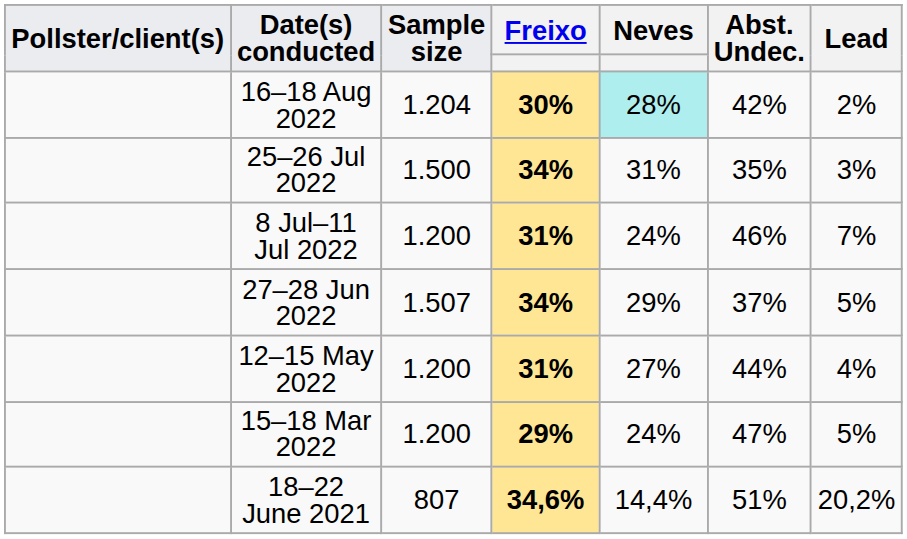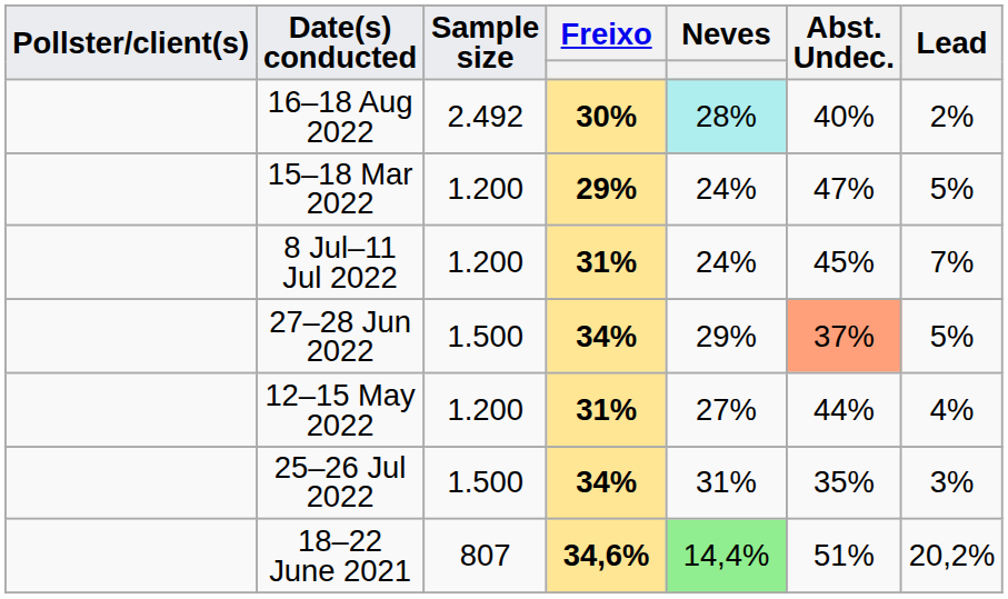 <table class="wikitable sortable" style="text-align:center;font-size:90%;line-height:14px;">
 <tr>
 <td rowspan="2" class="unsortable" style="width:50px;background:#eaecf0;"><strong>Pollster/client(s)</strong></td>
 <td rowspan="2" class="unsortable" style="width:50px;background:#eaecf0;"><strong>Date(s)<br>conducted</strong></td>
 <td rowspan="2" class="unsortable" style="width:50px;background:#eaecf0;"><strong>Sample<br>size</strong></td>
 <th class="unsortable" style="width:50px;"><a href='#'>Freixo</a><br></th>
 <th class="unsortable" style="width:50px;"><strong>Neves</strong><br></th>
 <th rowspan="2" class="unsortable">Abst.<br>Undec.</th>
 <th rowspan="2" data-sort-type="number">Lead</th>
 </tr>
 <tr>
 <th class="sortable" data-sort-type="number" style="background:"></th>
 <th class="sortable" data-sort-type="number" style="background:"></th>
 </tr>
 <tr>
 <td></td>
 <td>16–18 Aug 2022</td>
-<td>1.204</td>
+<td>2.492</td>
 <td style="background:#ffe694; "><strong>30%</strong></td>
 <td style="background: paleturquoise;">28%</td>
-<td>42%</td>
+<td>40%</td>
 <td style="background:">2%</td>
 </tr>
 <tr>
 <td></td>
-<td>25–26 Jul 2022</td>
-<td>1.500</td>
-<td style="background:#ffe694; "><strong>34%</strong></td>
-<td>31%</td>
-<td>35%</td>
-<td style="background:">3%</td>
+<td>15–18 Mar 2022</td>
+<td>1.200</td>
+<td style="background:#ffe694; "><strong>29%</strong></td>
+<td>24%</td>
+<td>47%</td>
+<td style="background:">5%</td>
 </tr>
 <tr>
 <td></td>
 <td>8 Jul–11 Jul 2022</td>
 <td>1.200</td>
 <td style="background:#ffe694; "><strong>31%</strong></td>
 <td>24%</td>
-<td>46%</td>
+<td>45%</td>
 <td style="background:">7%</td>
 </tr>
 <tr>
 <td></td>
 <td>27–28 Jun 2022</td>
-<td>1.507</td>
+<td>1.500</td>
 <td style="background:#ffe694; "><strong>34%</strong></td>
 <td>29%</td>
-<td>37%</td>
+<td style="background: lightsalmon;">37%</td>
 <td style="background:">5%</td>
 </tr>
 <tr>
 <td></td>
 <td>12–15 May 2022</td>
 <td>1.200</td>
 <td style="background:#ffe694; "><strong>31%</strong></td>
 <td>27%</td>
 <td>44%</td>
 <td style="background:">4%</td>
 </tr>
 <tr>
 <td></td>
-<td>15–18 Mar 2022</td>
-<td>1.200</td>
-<td style="background:#ffe694; "><strong>29%</strong></td>
-<td>24%</td>
-<td>47%</td>
-<td style="background:">5%</td>
+<td>25–26 Jul 2022</td>
+<td>1.500</td>
+<td style="background:#ffe694; "><strong>34%</strong></td>
+<td>31%</td>
+<td>35%</td>
+<td style="background:">3%</td>
 </tr>
 <tr>
 <td></td>
 <td>18–22 June 2021</td>
 <td>807</td>
 <td style="background:#ffe694; "><strong>34,6%</strong></td>
-<td>14,4%</td>
+<td style="background: lightgreen;">14,4%</td>
 <td>51%</td>
 <td style="background:">20,2%</td>
 </tr>
 </table>
